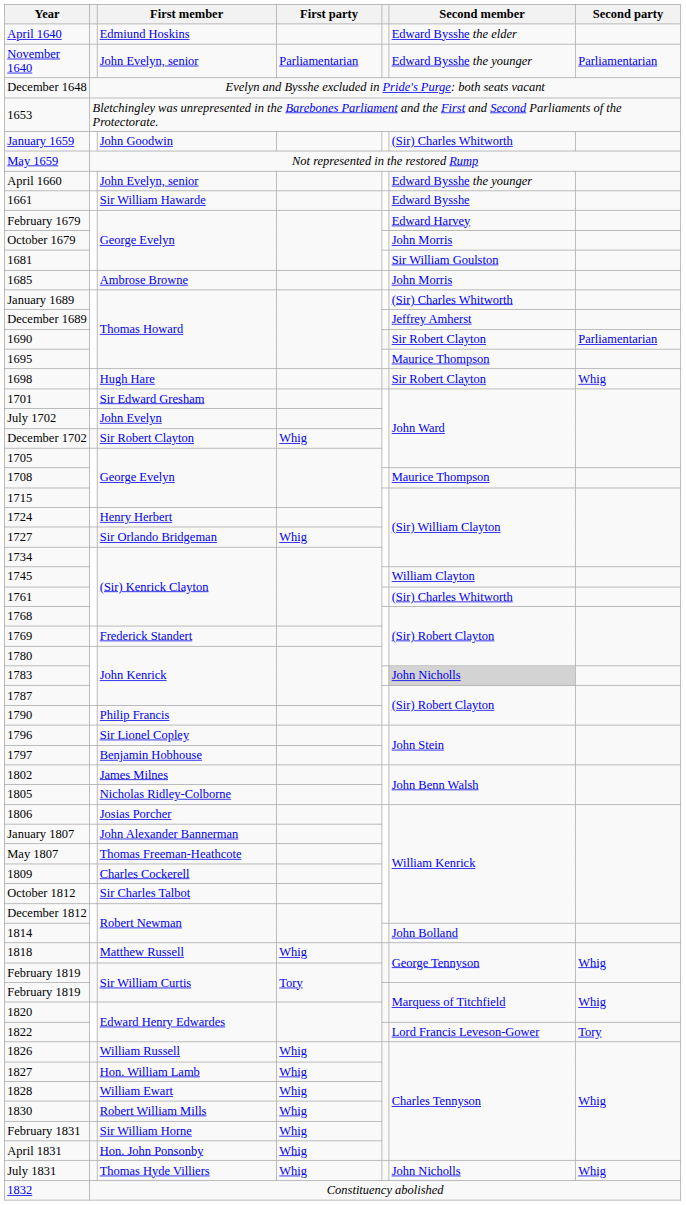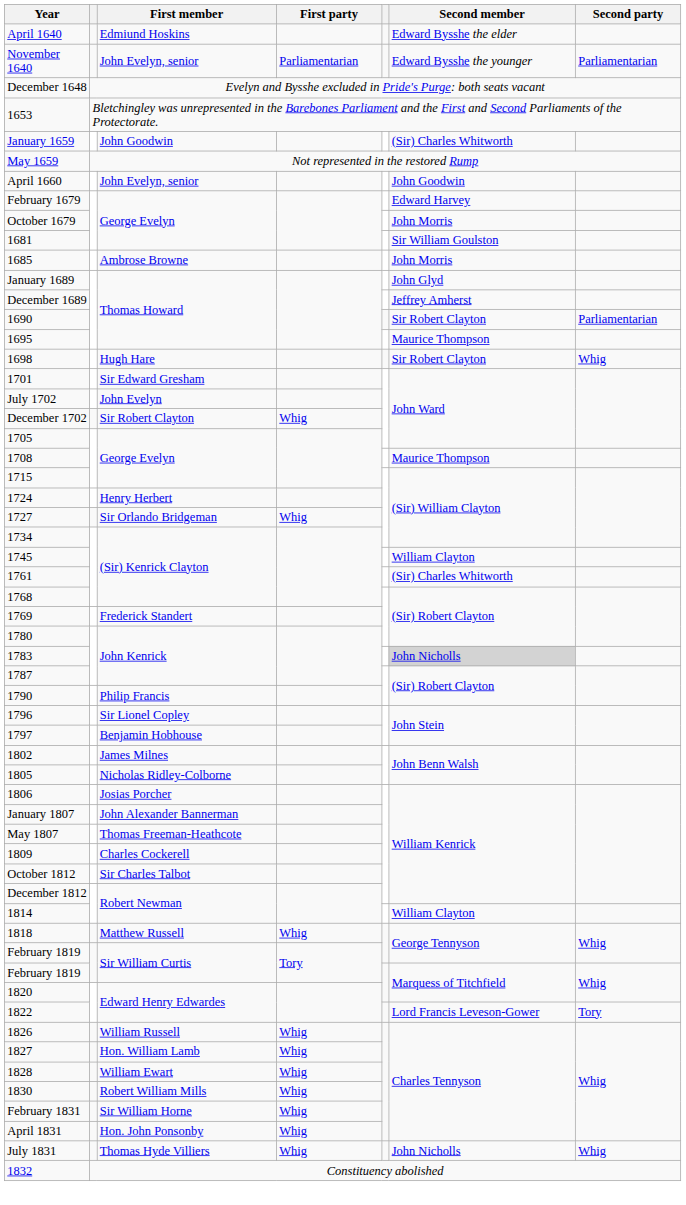 <table class="wikitable">
 <tr>
 <th>Year</th>
 <th></th>
 <th>First member</th>
 <th>First party</th>
 <th></th>
 <th>Second member</th>
 <th>Second party</th>
 </tr>
 <tr>
 <td><a href='#'>April 1640</a></td>
 <td style="color:inherit;background-color: "></td>
 <td><a href='#'>Edmiund Hoskins</a></td>
 <td></td>
 <td style="color:inherit;background-color: "></td>
 <td><a href='#'>Edward Bysshe</a> <em>the elder</em></td>
 <td></td>
 </tr>
 <tr>
 <td><a href='#'>November 1640</a></td>
 <td style="color:inherit;background-color: "></td>
 <td><a href='#'>John Evelyn, senior</a></td>
 <td><a href='#'>Parliamentarian</a></td>
 <td style="color:inherit;background-color: "></td>
 <td><a href='#'>Edward Bysshe</a> <em>the younger</em></td>
 <td><a href='#'>Parliamentarian</a></td>
 </tr>
 <tr>
 <td>December 1648</td>
 <td colspan="6" style="text-align:center"><em>Evelyn and Bysshe excluded in <a href='#'>Pride's Purge</a>: both seats vacant</em></td>
 </tr>
 <tr>
 <td>1653</td>
 <td colspan="6"><em>Bletchingley was unrepresented in the <a href='#'>Barebones Parliament</a> and the <a href='#'>First</a> and <a href='#'>Second</a> Parliaments of the Protectorate.</em></td>
 </tr>
 <tr>
 <td><a href='#'>January 1659</a></td>
 <td style="color:inherit;background-color: white"></td>
 <td><a href='#'>John Goodwin</a></td>
 <td></td>
 <td style="color:inherit;background-color: white"></td>
 <td><a href='#'>(Sir) Charles Whitworth</a></td>
 <td></td>
 </tr>
 <tr>
 <td><a href='#'>May 1659</a></td>
 <td colspan="6" style="text-align:center"><em>Not represented in the restored <a href='#'>Rump</a></em></td>
 </tr>
 <tr>
 <td>April 1660</td>
 <td style="color:inherit;background-color: white"></td>
 <td><a href='#'>John Evelyn, senior</a></td>
 <td></td>
 <td style="color:inherit;background-color: white"></td>
-<td><a href='#'>Edward Bysshe</a> <em>the younger</em></td>
-<td></td>
-</tr>
-<tr>
-<td>1661</td>
-<td style="color:inherit;background-color: white"></td>
-<td><a href='#'>Sir William Hawarde</a></td>
-<td></td>
-<td style="color:inherit;background-color: white"></td>
-<td><a href='#'>Edward Bysshe</a></td>
+<td><a href='#'>John Goodwin</a></td>
 <td></td>
 </tr>
 <tr>
 <td>February 1679</td>
 <td rowspan="3" style="color:inherit;background-color: white"></td>
 <td rowspan="3"><a href='#'>George Evelyn</a></td>
 <td rowspan="3"></td>
 <td style="color:inherit;background-color: white"></td>
 <td><a href='#'>Edward Harvey</a></td>
 <td></td>
 </tr>
 <tr>
 <td>October 1679</td>
 <td style="color:inherit;background-color: white"></td>
 <td><a href='#'>John Morris</a></td>
 <td></td>
 </tr>
 <tr>
 <td>1681</td>
 <td style="color:inherit;background-color: white"></td>
 <td><a href='#'>Sir William Goulston</a></td>
 <td></td>
 </tr>
 <tr>
 <td>1685</td>
 <td style="color:inherit;background-color: white"></td>
 <td><a href='#'>Ambrose Browne</a></td>
 <td></td>
 <td style="color:inherit;background-color: white"></td>
 <td><a href='#'>John Morris</a></td>
 <td></td>
 </tr>
 <tr>
 <td>January 1689</td>
 <td rowspan="4" style="color:inherit;background-color: white"></td>
 <td rowspan="4"><a href='#'>Thomas Howard</a></td>
 <td rowspan="4"></td>
 <td style="color:inherit;background-color: white"></td>
-<td><a href='#'>(Sir) Charles Whitworth</a></td>
+<td><a href='#'>John Glyd</a></td>
 <td></td>
 </tr>
 <tr>
 <td>December 1689</td>
 <td style="color:inherit;background-color: white"></td>
 <td><a href='#'>Jeffrey Amherst</a></td>
 <td></td>
 </tr>
 <tr>
 <td>1690</td>
 <td style="color:inherit;background-color: "></td>
 <td><a href='#'>Sir Robert Clayton</a></td>
 <td><a href='#'>Parliamentarian</a></td>
 </tr>
 <tr>
 <td>1695</td>
 <td style="color:inherit;background-color: white"></td>
 <td><a href='#'>Maurice Thompson</a></td>
 <td></td>
 </tr>
 <tr>
 <td>1698</td>
 <td style="color:inherit;background-color: white"></td>
 <td><a href='#'>Hugh Hare</a></td>
 <td></td>
 <td style="color:inherit;background-color: "></td>
 <td><a href='#'>Sir Robert Clayton</a></td>
 <td><a href='#'>Whig</a></td>
 </tr>
 <tr>
 <td>1701</td>
 <td style="color:inherit;background-color: white"></td>
 <td><a href='#'>Sir Edward Gresham</a></td>
 <td></td>
 <td rowspan="4" style="color:inherit;background-color: white"></td>
 <td rowspan="4"><a href='#'>John Ward</a></td>
 <td rowspan="4"></td>
 </tr>
 <tr>
 <td>July 1702</td>
 <td style="color:inherit;background-color: white"></td>
 <td><a href='#'>John Evelyn</a></td>
 <td></td>
 </tr>
 <tr>
 <td>December 1702</td>
 <td style="color:inherit;background-color: "></td>
 <td><a href='#'>Sir Robert Clayton</a></td>
 <td><a href='#'>Whig</a></td>
 </tr>
 <tr>
 <td>1705</td>
 <td rowspan="3" style="color:inherit;background-color: white"></td>
 <td rowspan="3"><a href='#'>George Evelyn</a></td>
 <td rowspan="3"></td>
 </tr>
 <tr>
 <td>1708</td>
 <td style="color:inherit;background-color: white"></td>
 <td><a href='#'>Maurice Thompson</a></td>
 <td></td>
 </tr>
 <tr>
 <td>1715</td>
 <td rowspan="4" style="color:inherit;background-color: white"></td>
 <td rowspan="4"><a href='#'>(Sir) William Clayton</a></td>
 <td rowspan="4"></td>
 </tr>
 <tr>
 <td>1724</td>
 <td style="color:inherit;background-color: white"></td>
 <td><a href='#'>Henry Herbert</a></td>
 <td></td>
 </tr>
 <tr>
 <td>1727</td>
 <td style="color:inherit;background-color: "></td>
 <td><a href='#'>Sir Orlando Bridgeman</a></td>
 <td> <a href='#'>Whig</a></td>
 </tr>
 <tr>
 <td>1734</td>
 <td rowspan="4" style="color:inherit;background-color: white"></td>
 <td rowspan="4"><a href='#'>(Sir) Kenrick Clayton</a></td>
 <td rowspan="4"></td>
 </tr>
 <tr>
 <td>1745</td>
 <td style="color:inherit;background-color: white"></td>
 <td><a href='#'>William Clayton</a></td>
 <td></td>
 </tr>
 <tr>
 <td>1761</td>
 <td style="color:inherit;background-color: white"></td>
 <td><a href='#'>(Sir) Charles Whitworth</a></td>
 <td></td>
 </tr>
 <tr>
 <td>1768</td>
 <td rowspan="3" style="color:inherit;background-color: white"></td>
 <td rowspan="3"><a href='#'>(Sir) Robert Clayton</a></td>
 <td rowspan="3"></td>
 </tr>
 <tr>
 <td>1769</td>
 <td style="color:inherit;background-color: white"></td>
 <td><a href='#'>Frederick Standert</a></td>
 <td></td>
 </tr>
 <tr>
 <td>1780</td>
 <td rowspan="3" style="color:inherit;background-color: white"></td>
 <td rowspan="3"><a href='#'>John Kenrick</a></td>
 <td rowspan="3"></td>
 </tr>
 <tr>
 <td>1783</td>
 <td style="color:inherit;background-color: white"></td>
 <td style="background: lightgrey;"><a href='#'>John Nicholls</a></td>
 <td></td>
 </tr>
 <tr>
 <td>1787</td>
 <td rowspan="2" style="color:inherit;background-color: white"></td>
 <td rowspan="2"><a href='#'>(Sir) Robert Clayton</a></td>
 <td rowspan="2"></td>
 </tr>
 <tr>
 <td>1790</td>
 <td style="color:inherit;background-color: white"></td>
 <td><a href='#'>Philip Francis</a></td>
 <td></td>
 </tr>
 <tr>
 <td>1796</td>
 <td style="color:inherit;background-color: white"></td>
 <td><a href='#'>Sir Lionel Copley</a></td>
 <td></td>
 <td rowspan="2" style="color:inherit;background-color: white"></td>
 <td rowspan="2"><a href='#'>John Stein</a></td>
 <td rowspan="2"></td>
 </tr>
 <tr>
 <td>1797</td>
 <td style="color:inherit;background-color: white"></td>
 <td><a href='#'>Benjamin Hobhouse</a></td>
 <td></td>
 </tr>
 <tr>
 <td>1802</td>
 <td style="color:inherit;background-color: white"></td>
 <td><a href='#'>James Milnes</a></td>
 <td></td>
 <td rowspan="2" style="color:inherit;background-color: white"></td>
 <td rowspan="2"><a href='#'>John Benn Walsh</a></td>
 <td rowspan="2"></td>
 </tr>
 <tr>
 <td>1805</td>
 <td style="color:inherit;background-color: white"></td>
 <td><a href='#'>Nicholas Ridley-Colborne</a></td>
 <td></td>
 </tr>
 <tr>
 <td>1806</td>
 <td style="color:inherit;background-color: white"></td>
 <td><a href='#'>Josias Porcher</a></td>
 <td></td>
 <td rowspan="6" style="color:inherit;background-color: white"></td>
 <td rowspan="6"><a href='#'>William Kenrick</a></td>
 <td rowspan="6"></td>
 </tr>
 <tr>
 <td>January 1807</td>
 <td style="color:inherit;background-color: white"></td>
 <td><a href='#'>John Alexander Bannerman</a></td>
 <td></td>
 </tr>
 <tr>
 <td>May 1807</td>
 <td style="color:inherit;background-color: white"></td>
 <td><a href='#'>Thomas Freeman-Heathcote</a></td>
 <td></td>
 </tr>
 <tr>
 <td>1809</td>
 <td style="color:inherit;background-color: white"></td>
 <td><a href='#'>Charles Cockerell</a></td>
 <td></td>
 </tr>
 <tr>
 <td>October 1812</td>
 <td style="color:inherit;background-color: white"></td>
 <td><a href='#'>Sir Charles Talbot</a></td>
 <td></td>
 </tr>
 <tr>
 <td>December 1812</td>
 <td rowspan="2" style="color:inherit;background-color: white"></td>
 <td rowspan="2"><a href='#'>Robert Newman</a></td>
 <td rowspan="2"></td>
 </tr>
 <tr>
 <td>1814</td>
 <td style="color:inherit;background-color: white"></td>
-<td><a href='#'>John Bolland</a></td>
+<td><a href='#'>William Clayton</a></td>
 <td></td>
 </tr>
 <tr>
 <td>1818</td>
 <td style="color:inherit;background-color: "></td>
 <td><a href='#'>Matthew Russell</a></td>
 <td><a href='#'>Whig</a></td>
 <td rowspan="2" style="color:inherit;background-color: "></td>
 <td rowspan="2"><a href='#'>George Tennyson</a></td>
 <td rowspan="2"><a href='#'>Whig</a></td>
 </tr>
 <tr>
 <td>February 1819</td>
 <td rowspan="2" style="color:inherit;background-color: "></td>
 <td rowspan="2"><a href='#'>Sir William Curtis</a></td>
 <td rowspan="2"><a href='#'>Tory</a></td>
 </tr>
 <tr>
 <td>February 1819</td>
 <td rowspan="2" style="color:inherit;background-color: "></td>
 <td rowspan="2"><a href='#'>Marquess of Titchfield</a></td>
 <td rowspan="2"><a href='#'>Whig</a></td>
 </tr>
 <tr>
 <td>1820</td>
 <td rowspan="2" style="color:inherit;background-color: white"></td>
 <td rowspan="2"><a href='#'>Edward Henry Edwardes</a></td>
 <td rowspan="2"></td>
 </tr>
 <tr>
 <td>1822</td>
 <td style="color:inherit;background-color: "></td>
 <td><a href='#'>Lord Francis Leveson-Gower</a></td>
 <td><a href='#'>Tory</a></td>
 </tr>
 <tr>
 <td>1826</td>
 <td style="color:inherit;background-color: "></td>
 <td><a href='#'>William Russell</a></td>
 <td><a href='#'>Whig</a></td>
 <td rowspan="6" style="color:inherit;background-color: "></td>
 <td rowspan="6"><a href='#'>Charles Tennyson</a></td>
 <td rowspan="6"><a href='#'>Whig</a></td>
 </tr>
 <tr>
 <td>1827</td>
 <td style="color:inherit;background-color: "></td>
 <td><a href='#'>Hon. William Lamb</a></td>
 <td><a href='#'>Whig</a></td>
 </tr>
 <tr>
 <td>1828</td>
 <td style="color:inherit;background-color: "></td>
 <td><a href='#'>William Ewart</a></td>
 <td><a href='#'>Whig</a></td>
 </tr>
 <tr>
 <td>1830</td>
 <td style="color:inherit;background-color: "></td>
 <td><a href='#'>Robert William Mills</a></td>
 <td><a href='#'>Whig</a></td>
 </tr>
 <tr>
 <td>February 1831</td>
 <td style="color:inherit;background-color: "></td>
 <td><a href='#'>Sir William Horne</a></td>
 <td><a href='#'>Whig</a></td>
 </tr>
 <tr>
 <td>April 1831</td>
 <td style="color:inherit;background-color: "></td>
 <td><a href='#'>Hon. John Ponsonby</a></td>
 <td><a href='#'>Whig</a></td>
 </tr>
 <tr>
 <td>July 1831</td>
 <td style="color:inherit;background-color: "></td>
 <td><a href='#'>Thomas Hyde Villiers</a></td>
 <td><a href='#'>Whig</a></td>
 <td style="color:inherit;background-color: "></td>
 <td><a href='#'>John Nicholls</a></td>
 <td><a href='#'>Whig</a></td>
 </tr>
 <tr>
 <td><a href='#'>1832</a></td>
 <td colspan="6" style="text-align:center"><em>Constituency abolished</em></td>
 </tr>
 </table>
